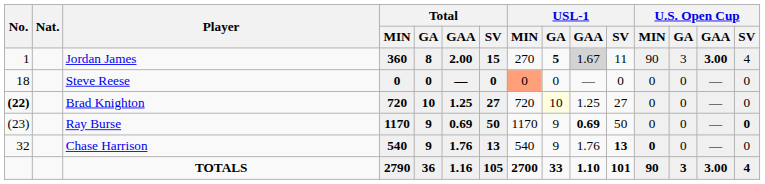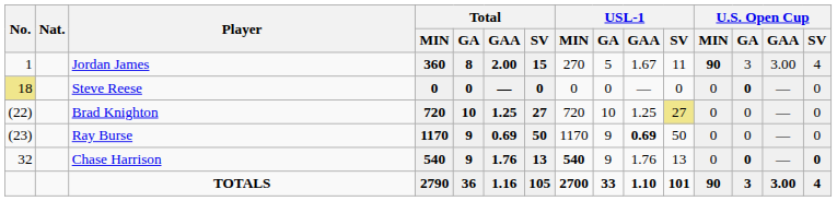 <table class="wikitable" style="font-size:95%; text-align:center;">
 <tr>
 <th rowspan="2" width="1%">No.</th>
 <th rowspan="2" width="1%">Nat.</th>
 <th rowspan="2" width="42%">Player</th>
 <th colspan="4">Total</th>
 <th colspan="4"><a href='#'>USL-1</a></th>
 <th colspan="4"><a href='#'>U.S. Open Cup</a></th>
 </tr>
 <tr>
 <th width=60>MIN</th>
 <th width=60>GA</th>
 <th width=60>GAA</th>
 <th width=60>SV</th>
 <th width=60>MIN</th>
 <th width=60>GA</th>
 <th width=60>GAA</th>
 <th width=60>SV</th>
 <th width=60>MIN</th>
 <th width=60>GA</th>
 <th width=60>GAA</th>
 <th width=60>SV</th>
 </tr>
 <tr>
 <td style="text-align: right;">1</td>
 <td></td>
 <td style="text-align: left;"><a href='#'>Jordan James</a></td>
 <td style="background: #F0F0F0;"><strong>360</strong></td>
 <td style="background: #F0F0F0;"><strong>8</strong></td>
 <td style="background: #F0F0F0;"><strong>2.00</strong></td>
 <td style="background: #F0F0F0;"><strong>15</strong></td>
 <td>270</td>
-<td><strong>5</strong></td>
-<td style="background: lightgrey;">1.67</td>
+<td>5</td>
+<td>1.67</td>
 <td>11</td>
-<td style="background: #F0F0F0;">90</td>
+<td style="background: #F0F0F0;"><strong>90</strong></td>
 <td style="background: #F0F0F0;">3</td>
-<td style="background: #F0F0F0;"><strong>3.00</strong></td>
+<td style="background: #F0F0F0;">3.00</td>
 <td style="background: #F0F0F0;">4</td>
 </tr>
 <tr>
-<td style="text-align: right;">18</td>
+<td style="background: khaki; text-align: right;">18</td>
 <td></td>
 <td style="text-align: left;"><a href='#'>Steve Reese</a></td>
 <td style="background: #F0F0F0;"><strong>0</strong></td>
 <td style="background: #F0F0F0;"><strong>0</strong></td>
 <td style="background: #F0F0F0;"><strong>—</strong></td>
 <td style="background: #F0F0F0;"><strong>0</strong></td>
-<td style="background: lightsalmon;">0</td>
+<td>0</td>
 <td>0</td>
 <td>—</td>
 <td>0</td>
 <td style="background: #F0F0F0;">0</td>
-<td style="background: #F0F0F0;">0</td>
+<td style="background: #F0F0F0;"><strong>0</strong></td>
 <td style="background: #F0F0F0;">—</td>
 <td style="background: #F0F0F0;">0</td>
 </tr>
 <tr>
-<td style="text-align: right;"><strong>(22)</strong></td>
+<td style="text-align: right;">(22)</td>
 <td></td>
 <td style="text-align: left;"><a href='#'>Brad Knighton</a></td>
 <td style="background: #F0F0F0;"><strong>720</strong></td>
 <td style="background: #F0F0F0;"><strong>10</strong></td>
 <td style="background: #F0F0F0;"><strong>1.25</strong></td>
 <td style="background: #F0F0F0;"><strong>27</strong></td>
 <td>720</td>
-<td style="background: lightyellow;">10</td>
+<td>10</td>
 <td>1.25</td>
-<td>27</td>
+<td style="background: khaki;">27</td>
 <td style="background: #F0F0F0;">0</td>
 <td style="background: #F0F0F0;">0</td>
 <td style="background: #F0F0F0;">—</td>
 <td style="background: #F0F0F0;">0</td>
 </tr>
 <tr>
 <td style="text-align: right;">(23)</td>
 <td></td>
 <td style="text-align: left;"><a href='#'>Ray Burse</a></td>
 <td style="background: #F0F0F0;"><strong>1170</strong></td>
 <td style="background: #F0F0F0;"><strong>9</strong></td>
 <td style="background: #F0F0F0;"><strong>0.69</strong></td>
 <td style="background: #F0F0F0;"><strong>50</strong></td>
 <td>1170</td>
 <td>9</td>
 <td><strong>0.69</strong></td>
 <td>50</td>
 <td style="background: #F0F0F0;">0</td>
 <td style="background: #F0F0F0;">0</td>
 <td style="background: #F0F0F0;">—</td>
-<td style="background: #F0F0F0;"><strong>0</strong></td>
+<td style="background: #F0F0F0;">0</td>
 </tr>
 <tr>
 <td style="text-align: right;">32</td>
 <td></td>
 <td style="text-align: left;"><a href='#'>Chase Harrison</a></td>
 <td style="background: #F0F0F0;"><strong>540</strong></td>
 <td style="background: #F0F0F0;"><strong>9</strong></td>
 <td style="background: #F0F0F0;"><strong>1.76</strong></td>
 <td style="background: #F0F0F0;"><strong>13</strong></td>
-<td>540</td>
+<td><strong>540</strong></td>
 <td>9</td>
 <td>1.76</td>
-<td><strong>13</strong></td>
+<td>13</td>
+<td style="background: #F0F0F0;">0</td>
 <td style="background: #F0F0F0;"><strong>0</strong></td>
-<td style="background: #F0F0F0;">0</td>
 <td style="background: #F0F0F0;">—</td>
-<td style="background: #F0F0F0;">0</td>
+<td style="background: #F0F0F0;"><strong>0</strong></td>
 </tr>
 <tr>
 <td></td>
 <td></td>
 <td><strong>TOTALS</strong></td>
 <td style="background: #F0F0F0;"><strong>2790</strong></td>
 <td style="background: #F0F0F0;"><strong>36</strong></td>
 <td style="background: #F0F0F0;"><strong>1.16</strong></td>
 <td style="background: #F0F0F0;"><strong>105</strong></td>
 <td><strong>2700</strong></td>
 <td><strong>33</strong></td>
 <td><strong>1.10</strong></td>
 <td><strong>101</strong></td>
 <td style="background: #F0F0F0;"><strong>90</strong></td>
 <td style="background: #F0F0F0;"><strong>3</strong></td>
 <td style="background: #F0F0F0;"><strong>3.00</strong></td>
 <td style="background: #F0F0F0;"><strong>4</strong></td>
 </tr>
 </table>
